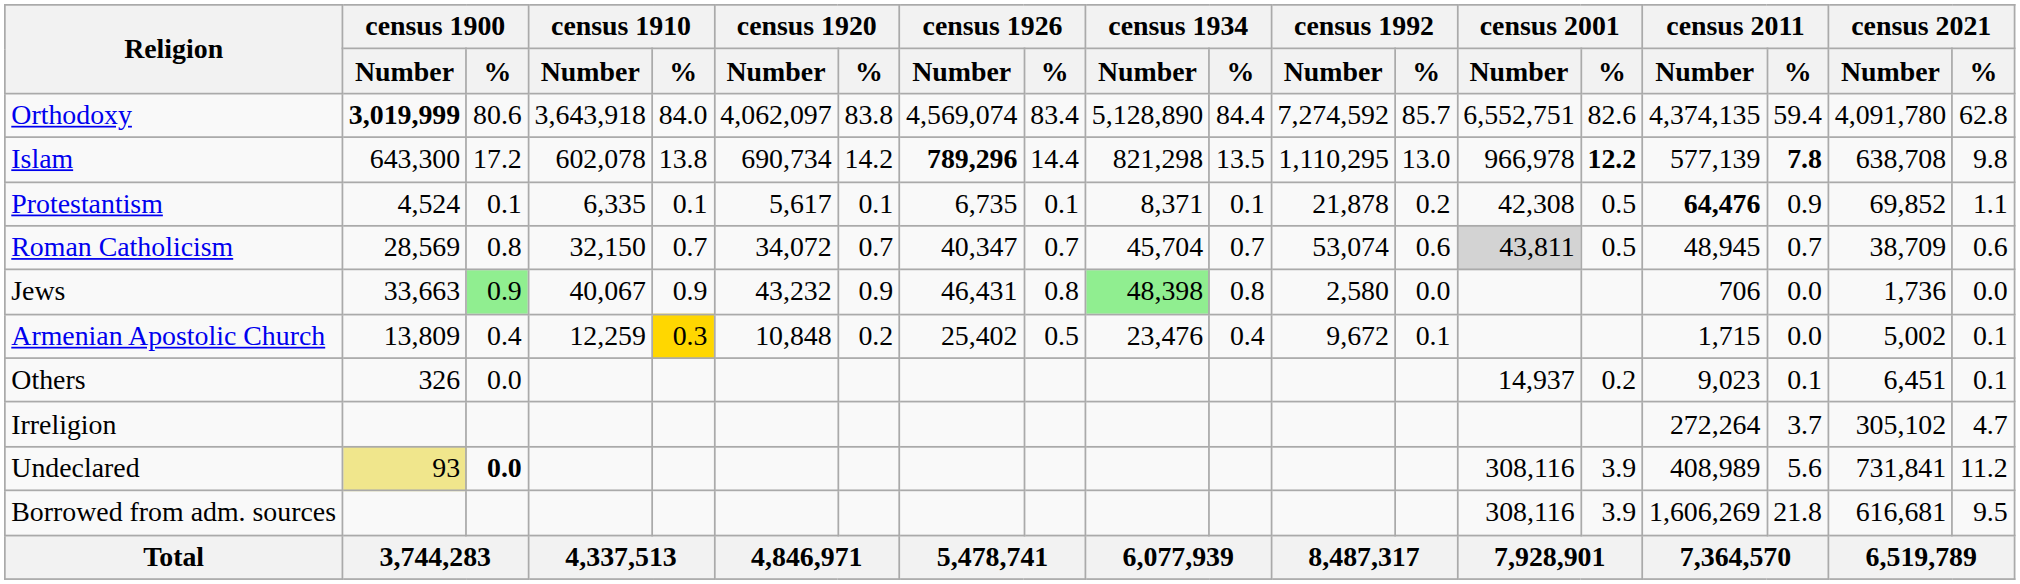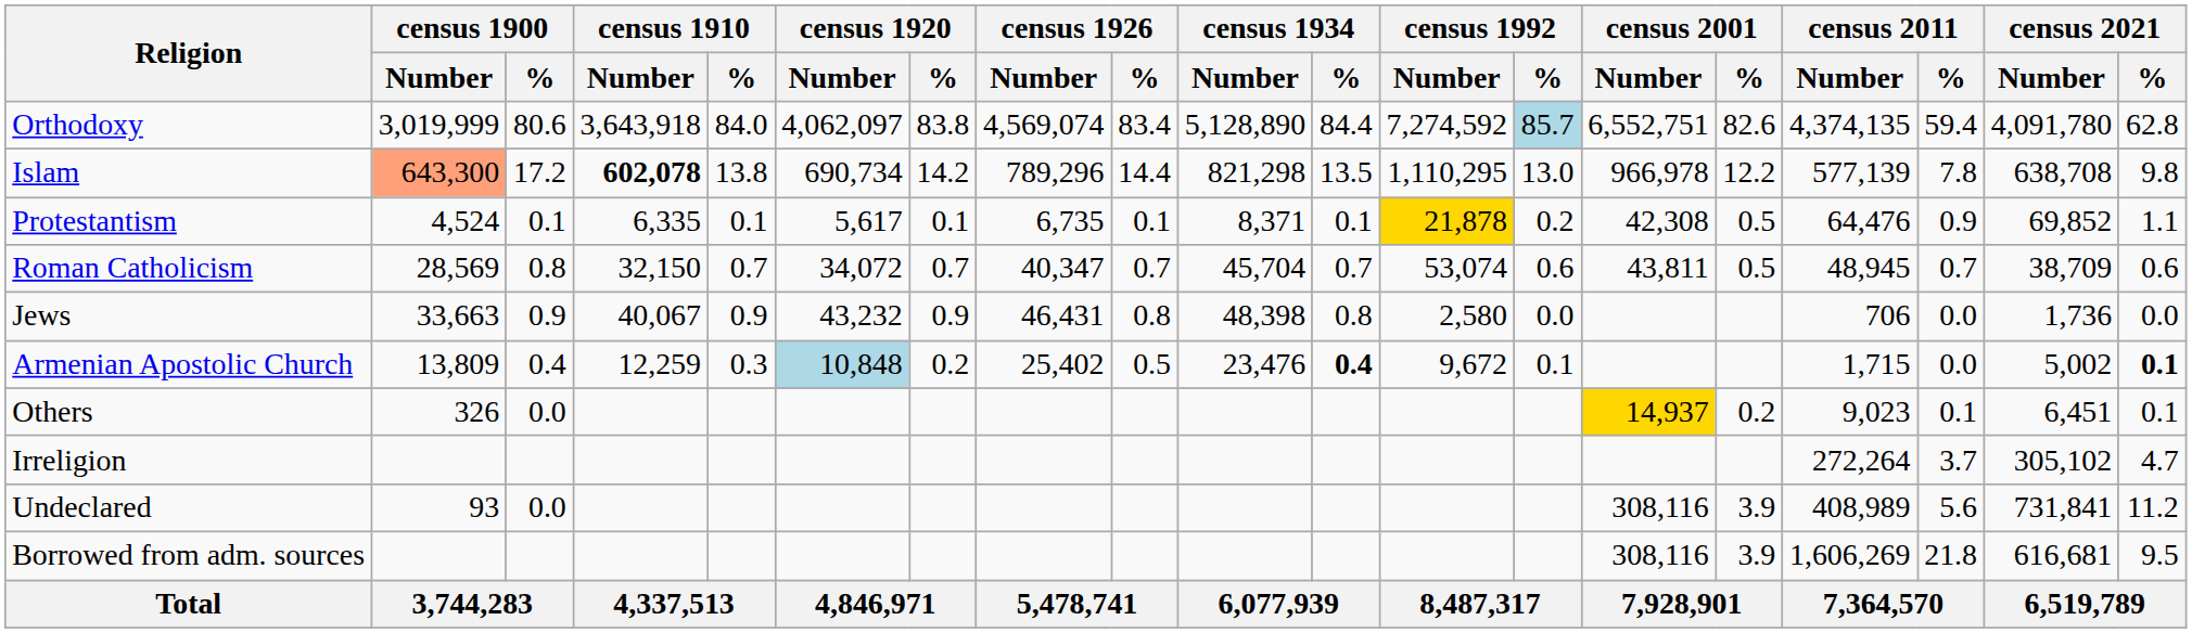 <table class="wikitable">
 <tr>
 <th rowspan="2">Religion</th>
 <th colspan="2">census 1900</th>
 <th colspan="2">census 1910</th>
 <th colspan="2">census 1920</th>
 <th colspan="2">census 1926</th>
 <th colspan="2">census 1934</th>
 <th colspan="2">census 1992</th>
 <th colspan="2">census 2001</th>
 <th colspan="2">census 2011</th>
 <th colspan="2">census 2021</th>
 </tr>
 <tr>
 <th>Number</th>
 <th>%</th>
 <th>Number</th>
 <th>%</th>
 <th>Number</th>
 <th>%</th>
 <th>Number</th>
 <th>%</th>
 <th>Number</th>
 <th>%</th>
 <th>Number</th>
 <th>%</th>
 <th>Number</th>
 <th>%</th>
 <th>Number</th>
 <th>%</th>
 <th>Number</th>
 <th>%</th>
 </tr>
 <tr>
 <td><a href='#'>Orthodoxy</a></td>
-<td style="text-align:right;"><strong>3,019,999</strong></td>
+<td style="text-align:right;">3,019,999</td>
 <td style="text-align:right;">80.6</td>
 <td style="text-align:right;">3,643,918</td>
 <td style="text-align:right;">84.0</td>
 <td style="text-align:right;">4,062,097</td>
 <td style="text-align:right;">83.8</td>
 <td style="text-align:right;">4,569,074</td>
 <td style="text-align:right;">83.4</td>
 <td style="text-align:right;">5,128,890</td>
 <td style="text-align:right;">84.4</td>
 <td style="text-align:right;">7,274,592</td>
-<td style="text-align:right;">85.7</td>
+<td style="background: lightblue; text-align:right;">85.7</td>
 <td style="text-align:right;">6,552,751</td>
 <td style="text-align:right;">82.6</td>
 <td style="text-align:right;">4,374,135</td>
 <td style="text-align:right;">59.4</td>
 <td style="text-align:right;">4,091,780</td>
 <td style="text-align:right;">62.8</td>
 </tr>
 <tr>
 <td><a href='#'>Islam</a></td>
-<td style="text-align:right;">643,300</td>
+<td style="background: lightsalmon; text-align:right;">643,300</td>
 <td style="text-align:right;">17.2</td>
-<td style="text-align:right;">602,078</td>
+<td style="text-align:right;"><strong>602,078</strong></td>
 <td style="text-align:right;">13.8</td>
 <td style="text-align:right;">690,734</td>
 <td style="text-align:right;">14.2</td>
-<td style="text-align:right;"><strong>789,296</strong></td>
+<td style="text-align:right;">789,296</td>
 <td style="text-align:right;">14.4</td>
 <td style="text-align:right;">821,298</td>
 <td style="text-align:right;">13.5</td>
 <td style="text-align:right;">1,110,295</td>
 <td style="text-align:right;">13.0</td>
 <td style="text-align:right;">966,978</td>
-<td style="text-align:right;"><strong>12.2</strong></td>
+<td style="text-align:right;">12.2</td>
 <td style="text-align:right;">577,139</td>
-<td style="text-align:right;"><strong>7.8</strong></td>
+<td style="text-align:right;">7.8</td>
 <td style="text-align:right;">638,708</td>
 <td style="text-align:right;">9.8</td>
 </tr>
 <tr>
 <td><a href='#'>Protestantism</a></td>
 <td style="text-align:right;">4,524</td>
 <td style="text-align:right;">0.1</td>
 <td style="text-align:right;">6,335</td>
 <td style="text-align:right;">0.1</td>
 <td style="text-align:right;">5,617</td>
 <td style="text-align:right;">0.1</td>
 <td style="text-align:right;">6,735</td>
 <td style="text-align:right;">0.1</td>
 <td style="text-align:right;">8,371</td>
 <td style="text-align:right;">0.1</td>
-<td style="text-align:right;">21,878</td>
+<td style="background: gold; text-align:right;">21,878</td>
 <td style="text-align:right;">0.2</td>
 <td style="text-align:right;">42,308</td>
 <td style="text-align:right;">0.5</td>
-<td style="text-align:right;"><strong>64,476</strong></td>
+<td style="text-align:right;">64,476</td>
 <td style="text-align:right;">0.9</td>
 <td style="text-align:right;">69,852</td>
 <td style="text-align:right;">1.1</td>
 </tr>
 <tr>
 <td><a href='#'>Roman Catholicism</a></td>
 <td style="text-align:right;">28,569</td>
 <td style="text-align:right;">0.8</td>
 <td style="text-align:right;">32,150</td>
 <td style="text-align:right;">0.7</td>
 <td style="text-align:right;">34,072</td>
 <td style="text-align:right;">0.7</td>
 <td style="text-align:right;">40,347</td>
 <td style="text-align:right;">0.7</td>
 <td style="text-align:right;">45,704</td>
 <td style="text-align:right;">0.7</td>
 <td style="text-align:right;">53,074</td>
 <td style="text-align:right;">0.6</td>
-<td style="background: lightgrey; text-align:right;">43,811</td>
+<td style="text-align:right;">43,811</td>
 <td style="text-align:right;">0.5</td>
 <td style="text-align:right;">48,945</td>
 <td style="text-align:right;">0.7</td>
 <td style="text-align:right;">38,709</td>
 <td style="text-align:right;">0.6</td>
 </tr>
 <tr>
 <td>Jews</td>
 <td style="text-align:right;">33,663</td>
-<td style="background: lightgreen; text-align:right;">0.9</td>
+<td style="text-align:right;">0.9</td>
 <td style="text-align:right;">40,067</td>
 <td style="text-align:right;">0.9</td>
 <td style="text-align:right;">43,232</td>
 <td style="text-align:right;">0.9</td>
 <td style="text-align:right;">46,431</td>
 <td style="text-align:right;">0.8</td>
-<td style="background: lightgreen; text-align:right;">48,398</td>
+<td style="text-align:right;">48,398</td>
 <td style="text-align:right;">0.8</td>
 <td style="text-align:right;">2,580</td>
 <td style="text-align:right;">0.0</td>
 <td></td>
 <td></td>
 <td style="text-align:right;">706</td>
 <td style="text-align:right;">0.0</td>
 <td style="text-align:right;">1,736</td>
 <td style="text-align:right;">0.0</td>
 </tr>
 <tr>
 <td><a href='#'>Armenian Apostolic Church</a></td>
 <td style="text-align:right;">13,809</td>
 <td style="text-align:right;">0.4</td>
 <td style="text-align:right;">12,259</td>
-<td style="background: gold; text-align:right;">0.3</td>
-<td style="text-align:right;">10,848</td>
+<td style="text-align:right;">0.3</td>
+<td style="background: lightblue; text-align:right;">10,848</td>
 <td style="text-align:right;">0.2</td>
 <td style="text-align:right;">25,402</td>
 <td style="text-align:right;">0.5</td>
 <td style="text-align:right;">23,476</td>
-<td style="text-align:right;">0.4</td>
+<td style="text-align:right;"><strong>0.4</strong></td>
 <td style="text-align:right;">9,672</td>
 <td style="text-align:right;">0.1</td>
 <td></td>
 <td></td>
 <td style="text-align:right;">1,715</td>
 <td style="text-align:right;">0.0</td>
 <td style="text-align:right;">5,002</td>
-<td style="text-align:right;">0.1</td>
+<td style="text-align:right;"><strong>0.1</strong></td>
 </tr>
 <tr>
 <td>Others</td>
 <td style="text-align:right;">326</td>
 <td style="text-align:right;">0.0</td>
 <td></td>
 <td></td>
 <td></td>
 <td></td>
 <td></td>
 <td></td>
 <td></td>
 <td></td>
 <td></td>
 <td></td>
-<td style="text-align:right;">14,937</td>
+<td style="background: gold; text-align:right;">14,937</td>
 <td style="text-align:right;">0.2</td>
 <td style="text-align:right;">9,023</td>
 <td style="text-align:right;">0.1</td>
 <td style="text-align:right;">6,451</td>
 <td style="text-align:right;">0.1</td>
 </tr>
 <tr>
 <td>Irreligion</td>
 <td></td>
 <td></td>
 <td></td>
 <td></td>
 <td></td>
 <td></td>
 <td></td>
 <td></td>
 <td></td>
 <td></td>
 <td></td>
 <td></td>
 <td></td>
 <td></td>
 <td style="text-align:right;">272,264</td>
 <td style="text-align:right;">3.7</td>
 <td style="text-align:right;">305,102</td>
 <td style="text-align:right;">4.7</td>
 </tr>
 <tr>
 <td>Undeclared</td>
-<td style="background: khaki; text-align:right;">93</td>
-<td style="text-align:right;"><strong>0.0</strong></td>
+<td style="text-align:right;">93</td>
+<td style="text-align:right;">0.0</td>
 <td></td>
 <td></td>
 <td></td>
 <td></td>
 <td></td>
 <td></td>
 <td></td>
 <td></td>
 <td></td>
 <td></td>
 <td style="text-align:right;">308,116</td>
 <td style="text-align:right;">3.9</td>
 <td style="text-align:right;">408,989</td>
 <td style="text-align:right;">5.6</td>
 <td style="text-align:right;">731,841</td>
 <td style="text-align:right;">11.2</td>
 </tr>
 <tr>
 <td>Borrowed from adm. sources</td>
 <td></td>
 <td></td>
 <td></td>
 <td></td>
 <td></td>
 <td></td>
 <td></td>
 <td></td>
 <td></td>
 <td></td>
 <td></td>
 <td></td>
 <td style="text-align:right;">308,116</td>
 <td style="text-align:right;">3.9</td>
 <td style="text-align:right;">1,606,269</td>
 <td style="text-align:right;">21.8</td>
 <td style="text-align:right;">616,681</td>
 <td style="text-align:right;">9.5</td>
 </tr>
 <tr>
 <th>Total</th>
 <th colspan="2">3,744,283</th>
 <th colspan="2">4,337,513</th>
 <th colspan="2">4,846,971</th>
 <th colspan="2">5,478,741</th>
 <th colspan="2">6,077,939</th>
 <th colspan="2">8,487,317</th>
 <th colspan="2">7,928,901</th>
 <th colspan="2">7,364,570</th>
 <th colspan="2">6,519,789</th>
 </tr>
 </table>
